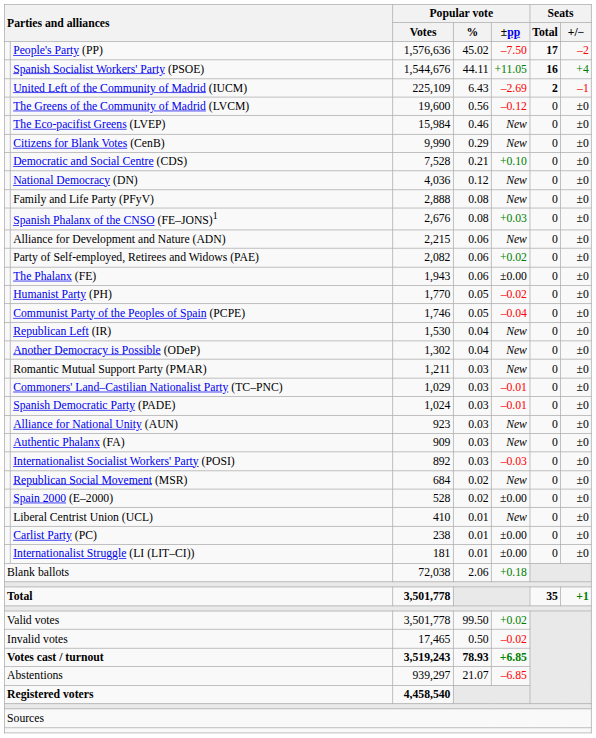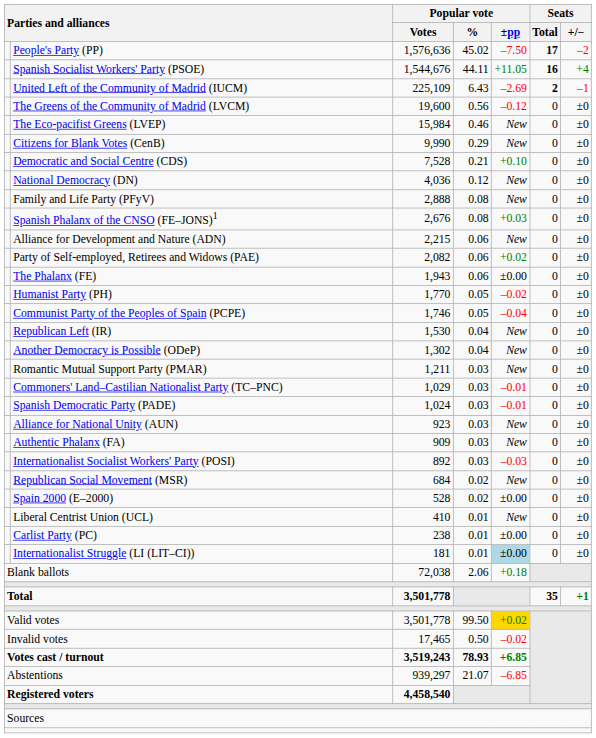 <table class="wikitable" style="text-align:right;">
 <tr>
 <th style="text-align:left;" rowspan="2" colspan="2" width="525">Parties and alliances</th>
 <th colspan="3">Popular vote</th>
 <th colspan="2">Seats</th>
 </tr>
 <tr>
 <th width="75">Votes</th>
 <th width="45">%</th>
 <th width="45">±<a href='#'>pp</a></th>
 <th width="35">Total</th>
 <th width="35">+/−</th>
 </tr>
 <tr>
 <td width="1" style="color:inherit;background:"></td>
 <td align="left"><a href='#'>People's Party</a> (PP)</td>
 <td>1,576,636</td>
 <td>45.02</td>
 <td style="color:red;">–7.50</td>
 <td><strong>17</strong></td>
 <td style="color:red;">–2</td>
 </tr>
 <tr>
 <td style="color:inherit;background:"></td>
 <td align="left"><a href='#'>Spanish Socialist Workers' Party</a> (PSOE)</td>
 <td>1,544,676</td>
 <td>44.11</td>
 <td style="color:green;">+11.05</td>
 <td><strong>16</strong></td>
 <td style="color:green;">+4</td>
 </tr>
 <tr>
 <td style="color:inherit;background:"></td>
 <td align="left"><a href='#'>United Left of the Community of Madrid</a> (IUCM)</td>
 <td>225,109</td>
 <td>6.43</td>
 <td style="color:red;">–2.69</td>
 <td><strong>2</strong></td>
 <td style="color:red;">–1</td>
 </tr>
 <tr>
 <td style="color:inherit;background:"></td>
 <td align="left"><a href='#'>The Greens of the Community of Madrid</a> (LVCM)</td>
 <td>19,600</td>
 <td>0.56</td>
 <td style="color:red;">–0.12</td>
 <td>0</td>
 <td>±0</td>
 </tr>
 <tr>
 <td style="color:inherit;background:"></td>
 <td align="left"><a href='#'>The Eco-pacifist Greens</a> (LVEP)</td>
 <td>15,984</td>
 <td>0.46</td>
 <td><em>New</em></td>
 <td>0</td>
 <td>±0</td>
 </tr>
 <tr>
 <td style="color:inherit;background:"></td>
 <td align="left"><a href='#'>Citizens for Blank Votes</a> (CenB)</td>
 <td>9,990</td>
 <td>0.29</td>
 <td><em>New</em></td>
 <td>0</td>
 <td>±0</td>
 </tr>
 <tr>
 <td style="color:inherit;background:"></td>
 <td align="left"><a href='#'>Democratic and Social Centre</a> (CDS)</td>
 <td>7,528</td>
 <td>0.21</td>
 <td style="color:green;">+0.10</td>
 <td>0</td>
 <td>±0</td>
 </tr>
 <tr>
 <td style="color:inherit;background:"></td>
 <td align="left"><a href='#'>National Democracy</a> (DN)</td>
 <td>4,036</td>
 <td>0.12</td>
 <td><em>New</em></td>
 <td>0</td>
 <td>±0</td>
 </tr>
 <tr>
 <td style="color:inherit;background:"></td>
 <td align="left">Family and Life Party (PFyV)</td>
 <td>2,888</td>
 <td>0.08</td>
 <td><em>New</em></td>
 <td>0</td>
 <td>±0</td>
 </tr>
 <tr>
 <td style="color:inherit;background:"></td>
 <td align="left"><a href='#'>Spanish Phalanx of the CNSO</a> (FE–JONS)<sup>1</sup></td>
 <td>2,676</td>
 <td>0.08</td>
 <td style="color:green;">+0.03</td>
 <td>0</td>
 <td>±0</td>
 </tr>
 <tr>
 <td style="color:inherit;background:"></td>
 <td align="left">Alliance for Development and Nature (ADN)</td>
 <td>2,215</td>
 <td>0.06</td>
 <td><em>New</em></td>
 <td>0</td>
 <td>±0</td>
 </tr>
 <tr>
 <td style="color:inherit;background:"></td>
 <td align="left">Party of Self-employed, Retirees and Widows (PAE)</td>
 <td>2,082</td>
 <td>0.06</td>
 <td style="color:green;">+0.02</td>
 <td>0</td>
 <td>±0</td>
 </tr>
 <tr>
 <td style="color:inherit;background:"></td>
 <td align="left"><a href='#'>The Phalanx</a> (FE)</td>
 <td>1,943</td>
 <td>0.06</td>
 <td>±0.00</td>
 <td>0</td>
 <td>±0</td>
 </tr>
 <tr>
 <td style="color:inherit;background:"></td>
 <td align="left"><a href='#'>Humanist Party</a> (PH)</td>
 <td>1,770</td>
 <td>0.05</td>
 <td style="color:red;">–0.02</td>
 <td>0</td>
 <td>±0</td>
 </tr>
 <tr>
 <td style="color:inherit;background:"></td>
 <td align="left"><a href='#'>Communist Party of the Peoples of Spain</a> (PCPE)</td>
 <td>1,746</td>
 <td>0.05</td>
 <td style="color:red;">–0.04</td>
 <td>0</td>
 <td>±0</td>
 </tr>
 <tr>
 <td style="color:inherit;background:"></td>
 <td align="left"><a href='#'>Republican Left</a> (IR)</td>
 <td>1,530</td>
 <td>0.04</td>
 <td><em>New</em></td>
 <td>0</td>
 <td>±0</td>
 </tr>
 <tr>
 <td style="color:inherit;background:"></td>
 <td align="left"><a href='#'>Another Democracy is Possible</a> (ODeP)</td>
 <td>1,302</td>
 <td>0.04</td>
 <td><em>New</em></td>
 <td>0</td>
 <td>±0</td>
 </tr>
 <tr>
 <td style="color:inherit;background:"></td>
 <td align="left">Romantic Mutual Support Party (PMAR)</td>
 <td>1,211</td>
 <td>0.03</td>
 <td><em>New</em></td>
 <td>0</td>
 <td>±0</td>
 </tr>
 <tr>
 <td style="color:inherit;background:"></td>
 <td align="left"><a href='#'>Commoners' Land–Castilian Nationalist Party</a> (TC–PNC)</td>
 <td>1,029</td>
 <td>0.03</td>
 <td style="color:red;">–0.01</td>
 <td>0</td>
 <td>±0</td>
 </tr>
 <tr>
 <td style="color:inherit;background:"></td>
 <td align="left"><a href='#'>Spanish Democratic Party</a> (PADE)</td>
 <td>1,024</td>
 <td>0.03</td>
 <td style="color:red;">–0.01</td>
 <td>0</td>
 <td>±0</td>
 </tr>
 <tr>
 <td style="color:inherit;background:"></td>
 <td align="left"><a href='#'>Alliance for National Unity</a> (AUN)</td>
 <td>923</td>
 <td>0.03</td>
 <td><em>New</em></td>
 <td>0</td>
 <td>±0</td>
 </tr>
 <tr>
 <td style="color:inherit;background:"></td>
 <td align="left"><a href='#'>Authentic Phalanx</a> (FA)</td>
 <td>909</td>
 <td>0.03</td>
 <td><em>New</em></td>
 <td>0</td>
 <td>±0</td>
 </tr>
 <tr>
 <td style="color:inherit;background:"></td>
 <td align="left"><a href='#'>Internationalist Socialist Workers' Party</a> (POSI)</td>
 <td>892</td>
 <td>0.03</td>
 <td style="color:red;">–0.03</td>
 <td>0</td>
 <td>±0</td>
 </tr>
 <tr>
 <td style="color:inherit;background:"></td>
 <td align="left"><a href='#'>Republican Social Movement</a> (MSR)</td>
 <td>684</td>
 <td>0.02</td>
 <td><em>New</em></td>
 <td>0</td>
 <td>±0</td>
 </tr>
 <tr>
 <td style="color:inherit;background:"></td>
 <td align="left"><a href='#'>Spain 2000</a> (E–2000)</td>
 <td>528</td>
 <td>0.02</td>
 <td>±0.00</td>
 <td>0</td>
 <td>±0</td>
 </tr>
 <tr>
 <td style="color:inherit;background:"></td>
 <td align="left">Liberal Centrist Union (UCL)</td>
 <td>410</td>
 <td>0.01</td>
 <td><em>New</em></td>
 <td>0</td>
 <td>±0</td>
 </tr>
 <tr>
 <td style="color:inherit;background:"></td>
 <td align="left"><a href='#'>Carlist Party</a> (PC)</td>
 <td>238</td>
 <td>0.01</td>
 <td>±0.00</td>
 <td>0</td>
 <td>±0</td>
 </tr>
 <tr>
 <td style="color:inherit;background:"></td>
 <td align="left"><a href='#'>Internationalist Struggle</a> (LI (LIT–CI))</td>
 <td>181</td>
 <td>0.01</td>
-<td>±0.00</td>
+<td style="background: lightblue;">±0.00</td>
 <td>0</td>
 <td>±0</td>
 </tr>
 <tr>
 <td align="left" colspan="2">Blank ballots</td>
 <td>72,038</td>
 <td>2.06</td>
 <td style="color:green;">+0.18</td>
 <td bgcolor="#E9E9E9" colspan="2"></td>
 </tr>
 <tr>
 <td colspan="7" bgcolor="#E9E9E9"></td>
 </tr>
 <tr style="font-weight:bold;">
 <td align="left" colspan="2">Total</td>
 <td>3,501,778</td>
 <td bgcolor="#E9E9E9" colspan="2"></td>
 <td>35</td>
 <td style="color:green;">+1</td>
 </tr>
 <tr>
 <td colspan="7" bgcolor="#E9E9E9"></td>
 </tr>
 <tr>
 <td align="left" colspan="2">Valid votes</td>
 <td>3,501,778</td>
 <td>99.50</td>
-<td style="color:green;">+0.02</td>
+<td style="background: gold; color:green;">+0.02</td>
 <td bgcolor="#E9E9E9" colspan="2" rowspan="5"></td>
 </tr>
 <tr>
 <td align="left" colspan="2">Invalid votes</td>
 <td>17,465</td>
 <td>0.50</td>
 <td style="color:red;">–0.02</td>
 </tr>
 <tr style="font-weight:bold;">
 <td align="left" colspan="2">Votes cast / turnout</td>
 <td>3,519,243</td>
 <td>78.93</td>
 <td style="color:green;">+6.85</td>
 </tr>
 <tr>
 <td align="left" colspan="2">Abstentions</td>
 <td>939,297</td>
 <td>21.07</td>
 <td style="color:red;">–6.85</td>
 </tr>
 <tr style="font-weight:bold;">
 <td align="left" colspan="2">Registered voters</td>
 <td>4,458,540</td>
 <td bgcolor="#E9E9E9" colspan="2"></td>
 </tr>
 <tr>
 <td colspan="7" bgcolor="#E9E9E9"></td>
 </tr>
 <tr>
 <td align="left" colspan="7">Sources</td>
 </tr>
 <tr>
 <td colspan="7" style="text-align:left; max-width:790px;"></td>
 </tr>
 </table>
